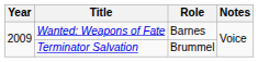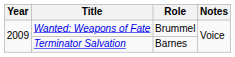 <table class="wikitable sortable">
 <tr>
 <th>Year</th>
 <th>Title</th>
 <th>Role</th>
 <th>Notes</th>
 </tr>
 <tr>
 <td rowspan=2>2009</td>
 <td><em><a href='#'>Wanted: Weapons of Fate</a></em></td>
-<td>Barnes</td>
+<td>Brummel</td>
 <td rowspan="2">Voice</td>
 </tr>
 <tr>
 <td><em><a href='#'>Terminator Salvation</a></em></td>
-<td>Brummel</td>
+<td>Barnes</td>
 </tr>
 </table>
